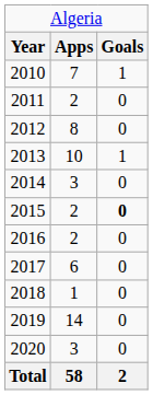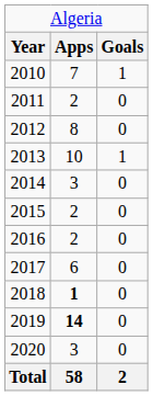 <table class="wikitable" style="text-align:center">
 <tr>
 <td colspan="3"><a href='#'>Algeria</a></td>
 </tr>
 <tr>
 <th>Year</th>
 <th>Apps</th>
 <th>Goals</th>
 </tr>
 <tr>
 <td>2010</td>
 <td>7</td>
 <td>1</td>
 </tr>
 <tr>
 <td>2011</td>
 <td>2</td>
 <td>0</td>
 </tr>
 <tr>
 <td>2012</td>
 <td>8</td>
 <td>0</td>
 </tr>
 <tr>
 <td>2013</td>
 <td>10</td>
 <td>1</td>
 </tr>
 <tr>
 <td>2014</td>
 <td>3</td>
 <td>0</td>
 </tr>
 <tr>
 <td>2015</td>
 <td>2</td>
-<td><strong>0</strong></td>
+<td>0</td>
 </tr>
 <tr>
 <td>2016</td>
 <td>2</td>
 <td>0</td>
 </tr>
 <tr>
 <td>2017</td>
 <td>6</td>
 <td>0</td>
 </tr>
 <tr>
 <td>2018</td>
-<td>1</td>
+<td><strong>1</strong></td>
 <td>0</td>
 </tr>
 <tr>
 <td>2019</td>
-<td>14</td>
+<td><strong>14</strong></td>
 <td>0</td>
 </tr>
 <tr>
 <td>2020</td>
 <td>3</td>
 <td>0</td>
 </tr>
 <tr>
 <th>Total</th>
 <th>58</th>
 <th>2</th>
 </tr>
 </table>
